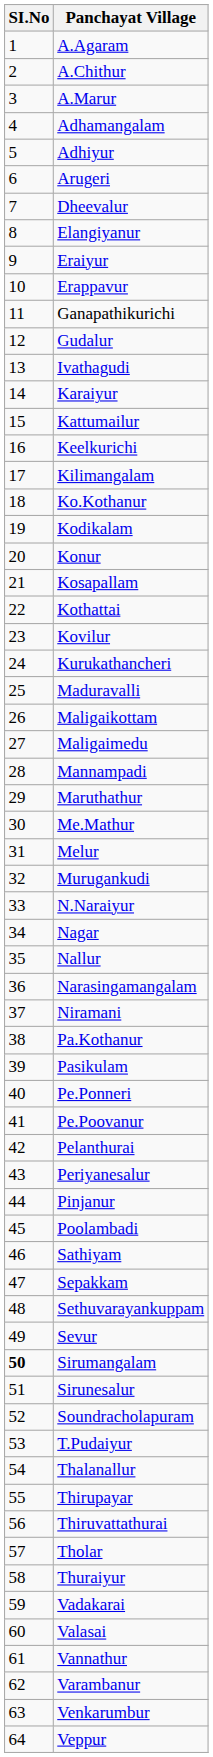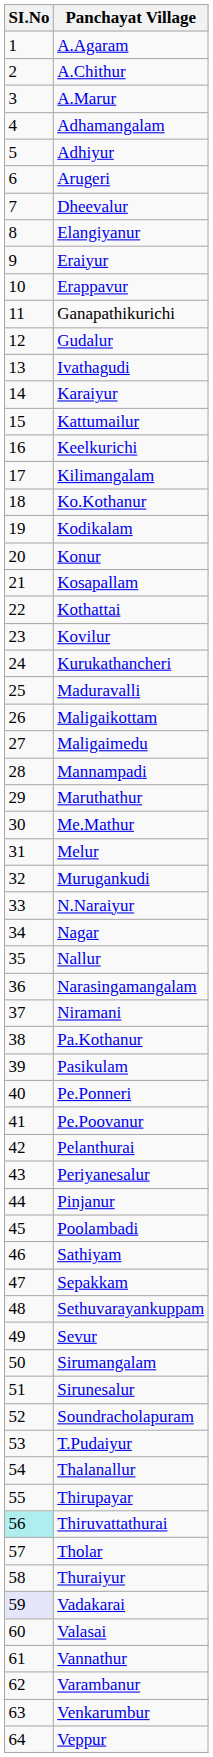 <table class="wikitable sortable">
 <tr>
 <th>SI.No</th>
 <th>Panchayat Village</th>
 </tr>
 <tr>
 <td>1</td>
 <td><a href='#'>A.Agaram</a></td>
 </tr>
 <tr>
 <td>2</td>
 <td><a href='#'>A.Chithur</a></td>
 </tr>
 <tr>
 <td>3</td>
 <td><a href='#'>A.Marur</a></td>
 </tr>
 <tr>
 <td>4</td>
 <td><a href='#'>Adhamangalam</a></td>
 </tr>
 <tr>
 <td>5</td>
 <td><a href='#'>Adhiyur</a></td>
 </tr>
 <tr>
 <td>6</td>
 <td><a href='#'>Arugeri</a></td>
 </tr>
 <tr>
 <td>7</td>
 <td><a href='#'>Dheevalur</a></td>
 </tr>
 <tr>
 <td>8</td>
 <td><a href='#'>Elangiyanur</a></td>
 </tr>
 <tr>
 <td>9</td>
 <td><a href='#'>Eraiyur</a></td>
 </tr>
 <tr>
 <td>10</td>
 <td><a href='#'>Erappavur</a></td>
 </tr>
 <tr>
 <td>11</td>
 <td>Ganapathikurichi</td>
 </tr>
 <tr>
 <td>12</td>
 <td><a href='#'>Gudalur</a></td>
 </tr>
 <tr>
 <td>13</td>
 <td><a href='#'>Ivathagudi</a></td>
 </tr>
 <tr>
 <td>14</td>
 <td><a href='#'>Karaiyur</a></td>
 </tr>
 <tr>
 <td>15</td>
 <td><a href='#'>Kattumailur</a></td>
 </tr>
 <tr>
 <td>16</td>
 <td><a href='#'>Keelkurichi</a></td>
 </tr>
 <tr>
 <td>17</td>
 <td><a href='#'>Kilimangalam</a></td>
 </tr>
 <tr>
 <td>18</td>
 <td><a href='#'>Ko.Kothanur</a></td>
 </tr>
 <tr>
 <td>19</td>
 <td><a href='#'>Kodikalam</a></td>
 </tr>
 <tr>
 <td>20</td>
 <td><a href='#'>Konur</a></td>
 </tr>
 <tr>
 <td>21</td>
 <td><a href='#'>Kosapallam</a></td>
 </tr>
 <tr>
 <td>22</td>
 <td><a href='#'>Kothattai</a></td>
 </tr>
 <tr>
 <td>23</td>
 <td><a href='#'>Kovilur</a></td>
 </tr>
 <tr>
 <td>24</td>
 <td><a href='#'>Kurukathancheri</a></td>
 </tr>
 <tr>
 <td>25</td>
 <td><a href='#'>Maduravalli</a></td>
 </tr>
 <tr>
 <td>26</td>
 <td><a href='#'>Maligaikottam</a></td>
 </tr>
 <tr>
 <td>27</td>
 <td><a href='#'>Maligaimedu</a></td>
 </tr>
 <tr>
 <td>28</td>
 <td><a href='#'>Mannampadi</a></td>
 </tr>
 <tr>
 <td>29</td>
 <td><a href='#'>Maruthathur</a></td>
 </tr>
 <tr>
 <td>30</td>
 <td><a href='#'>Me.Mathur</a></td>
 </tr>
 <tr>
 <td>31</td>
 <td><a href='#'>Melur</a></td>
 </tr>
 <tr>
 <td>32</td>
 <td><a href='#'>Murugankudi</a></td>
 </tr>
 <tr>
 <td>33</td>
 <td><a href='#'>N.Naraiyur</a></td>
 </tr>
 <tr>
 <td>34</td>
 <td><a href='#'>Nagar</a></td>
 </tr>
 <tr>
 <td>35</td>
 <td><a href='#'>Nallur</a></td>
 </tr>
 <tr>
 <td>36</td>
 <td><a href='#'>Narasingamangalam</a></td>
 </tr>
 <tr>
 <td>37</td>
 <td><a href='#'>Niramani</a></td>
 </tr>
 <tr>
 <td>38</td>
 <td><a href='#'>Pa.Kothanur</a></td>
 </tr>
 <tr>
 <td>39</td>
 <td><a href='#'>Pasikulam</a></td>
 </tr>
 <tr>
 <td>40</td>
 <td><a href='#'>Pe.Ponneri</a></td>
 </tr>
 <tr>
 <td>41</td>
 <td><a href='#'>Pe.Poovanur</a></td>
 </tr>
 <tr>
 <td>42</td>
 <td><a href='#'>Pelanthurai</a></td>
 </tr>
 <tr>
 <td>43</td>
 <td><a href='#'>Periyanesalur</a></td>
 </tr>
 <tr>
 <td>44</td>
 <td><a href='#'>Pinjanur</a></td>
 </tr>
 <tr>
 <td>45</td>
 <td><a href='#'>Poolambadi</a></td>
 </tr>
 <tr>
 <td>46</td>
 <td><a href='#'>Sathiyam</a></td>
 </tr>
 <tr>
 <td>47</td>
 <td><a href='#'>Sepakkam</a></td>
 </tr>
 <tr>
 <td>48</td>
 <td><a href='#'>Sethuvarayankuppam</a></td>
 </tr>
 <tr>
 <td>49</td>
 <td><a href='#'>Sevur</a></td>
 </tr>
 <tr>
-<td><strong>50</strong></td>
+<td>50</td>
 <td><a href='#'>Sirumangalam</a></td>
 </tr>
 <tr>
 <td>51</td>
 <td><a href='#'>Sirunesalur</a></td>
 </tr>
 <tr>
 <td>52</td>
 <td><a href='#'>Soundracholapuram</a></td>
 </tr>
 <tr>
 <td>53</td>
 <td><a href='#'>T.Pudaiyur</a></td>
 </tr>
 <tr>
 <td>54</td>
 <td><a href='#'>Thalanallur</a></td>
 </tr>
 <tr>
 <td>55</td>
 <td><a href='#'>Thirupayar</a></td>
 </tr>
 <tr>
-<td>56</td>
+<td style="background: paleturquoise;">56</td>
 <td><a href='#'>Thiruvattathurai</a></td>
 </tr>
 <tr>
 <td>57</td>
 <td><a href='#'>Tholar</a></td>
 </tr>
 <tr>
 <td>58</td>
 <td><a href='#'>Thuraiyur</a></td>
 </tr>
 <tr>
-<td>59</td>
+<td style="background: lavender;">59</td>
 <td><a href='#'>Vadakarai</a></td>
 </tr>
 <tr>
 <td>60</td>
 <td><a href='#'>Valasai</a></td>
 </tr>
 <tr>
 <td>61</td>
 <td><a href='#'>Vannathur</a></td>
 </tr>
 <tr>
 <td>62</td>
 <td><a href='#'>Varambanur</a></td>
 </tr>
 <tr>
 <td>63</td>
 <td><a href='#'>Venkarumbur</a></td>
 </tr>
 <tr>
 <td>64</td>
 <td><a href='#'>Veppur</a></td>
 </tr>
 </table>
